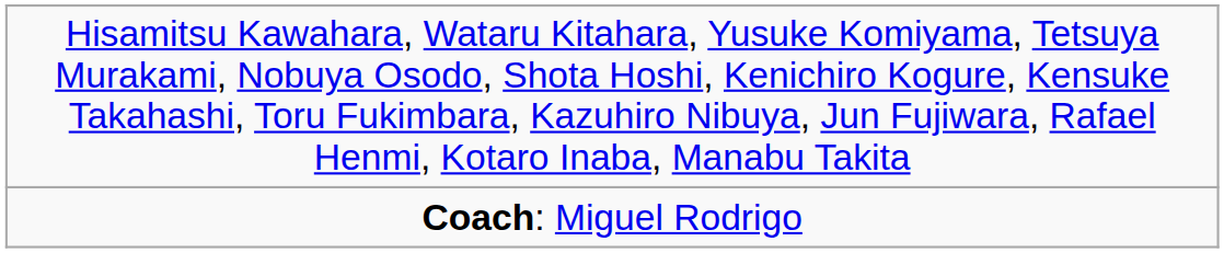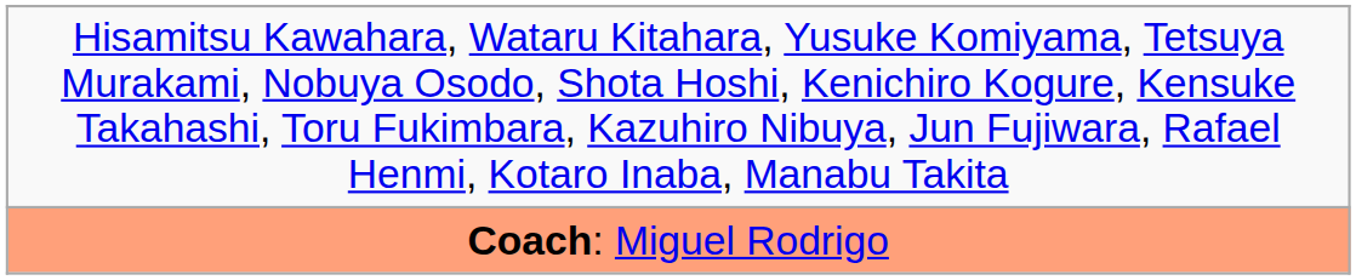 <table class="wikitable" style="text-align:center; width:33em; margin:0.5em auto;">
 <tr>
 <td><a href='#'>Hisamitsu Kawahara</a>, <a href='#'>Wataru Kitahara</a>, <a href='#'>Yusuke Komiyama</a>, <a href='#'>Tetsuya Murakami</a>, <a href='#'>Nobuya Osodo</a>, <a href='#'>Shota Hoshi</a>, <a href='#'>Kenichiro Kogure</a>, <a href='#'>Kensuke Takahashi</a>, <a href='#'>Toru Fukimbara</a>, <a href='#'>Kazuhiro Nibuya</a>, <a href='#'>Jun Fujiwara</a>, <a href='#'>Rafael Henmi</a>, <a href='#'>Kotaro Inaba</a>, <a href='#'>Manabu Takita</a></td>
 </tr>
 <tr>
-<td><strong>Coach</strong>:  <a href='#'>Miguel Rodrigo</a></td>
+<td style="background: lightsalmon;"><strong>Coach</strong>:  <a href='#'>Miguel Rodrigo</a></td>
 </tr>
 </table>
